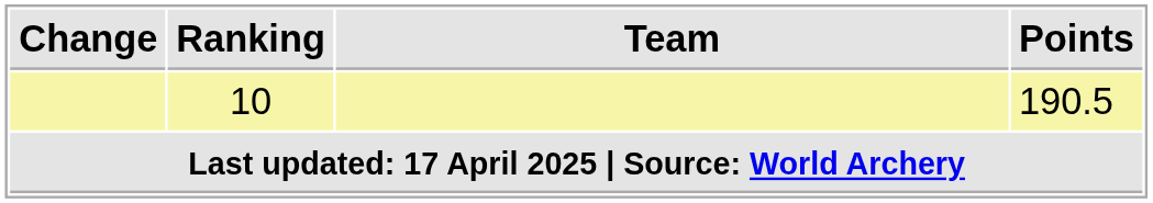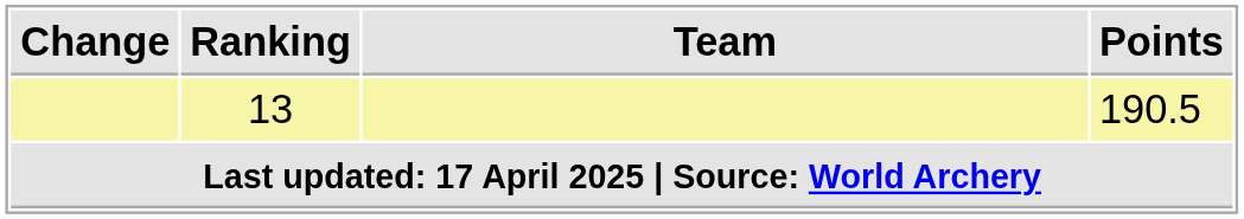 <table cellspacing="1" cellpadding="3" style="border:1px solid #aaa; font-size:90%; float: left; margin-left: 1em;">
 <tr style="background:#e4e4e4;">
 <th style="border-bottom:1px solid #aaa; width:10px;">Change</th>
 <th style="border-bottom:1px solid #aaa; width:10px;">Ranking</th>
 <th style="border-bottom:1px solid #aaa; width:250px;">Team</th>
 <th style="border-bottom:1px solid #aaa; width:30px;">Points</th>
 </tr>
 <tr style="background:#f7f6a8">
 <td style="text-align:center;"></td>
-<td style="text-align:center;">10</td>
+<td style="text-align:center;">13</td>
 <td></td>
 <td>190.5</td>
 </tr>
 <tr style="background:#e4e4e4;">
 <th colspan=4 style="border-bottom:1px solid #aaa; width:10px;"><small>Last updated: 17 April 2025 | Source: <a href='#'>World Archery</a></small></th>
 </tr>
 </table>
